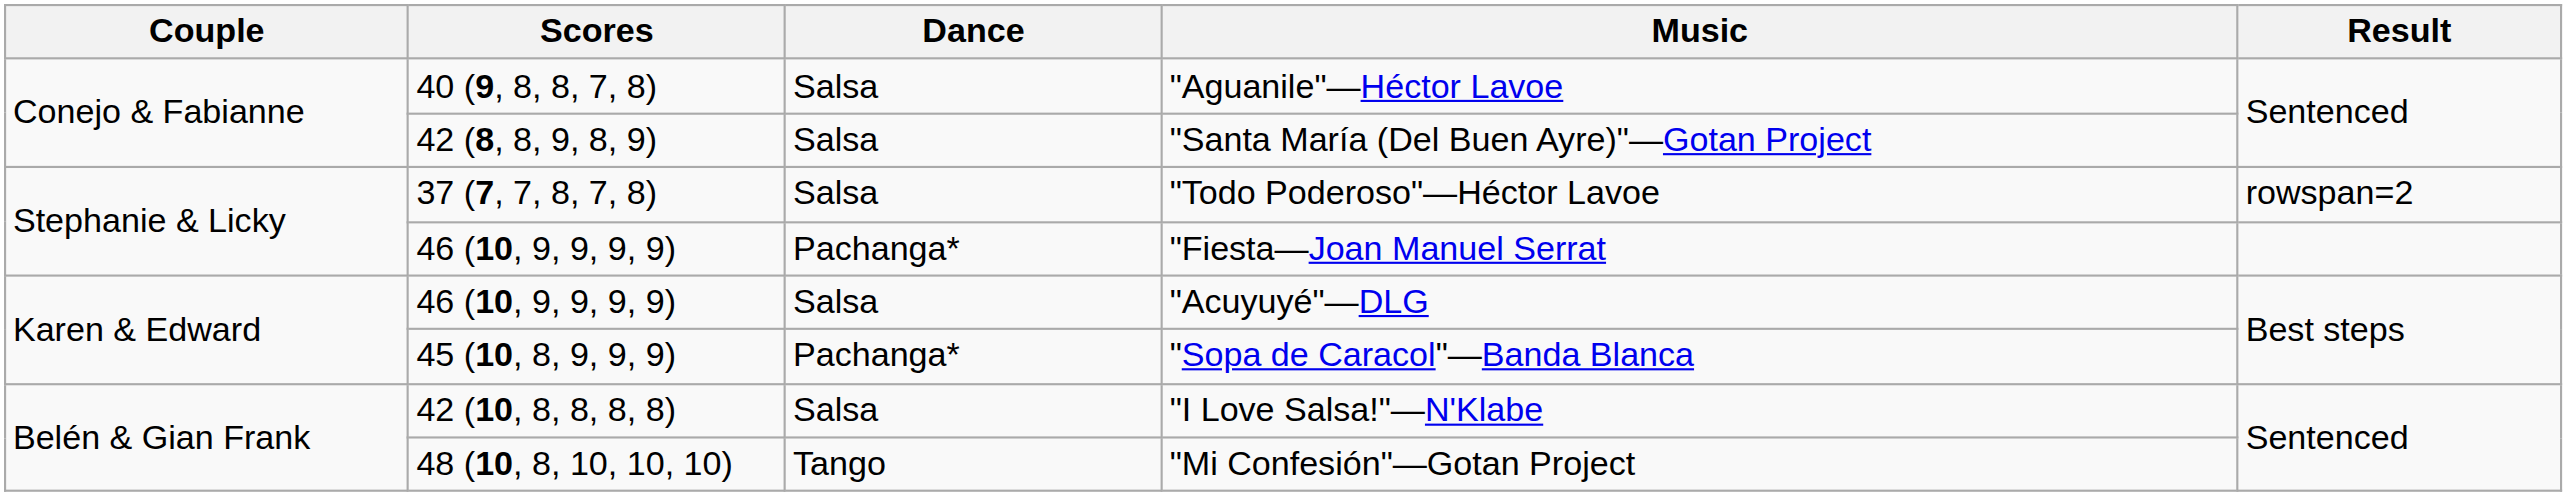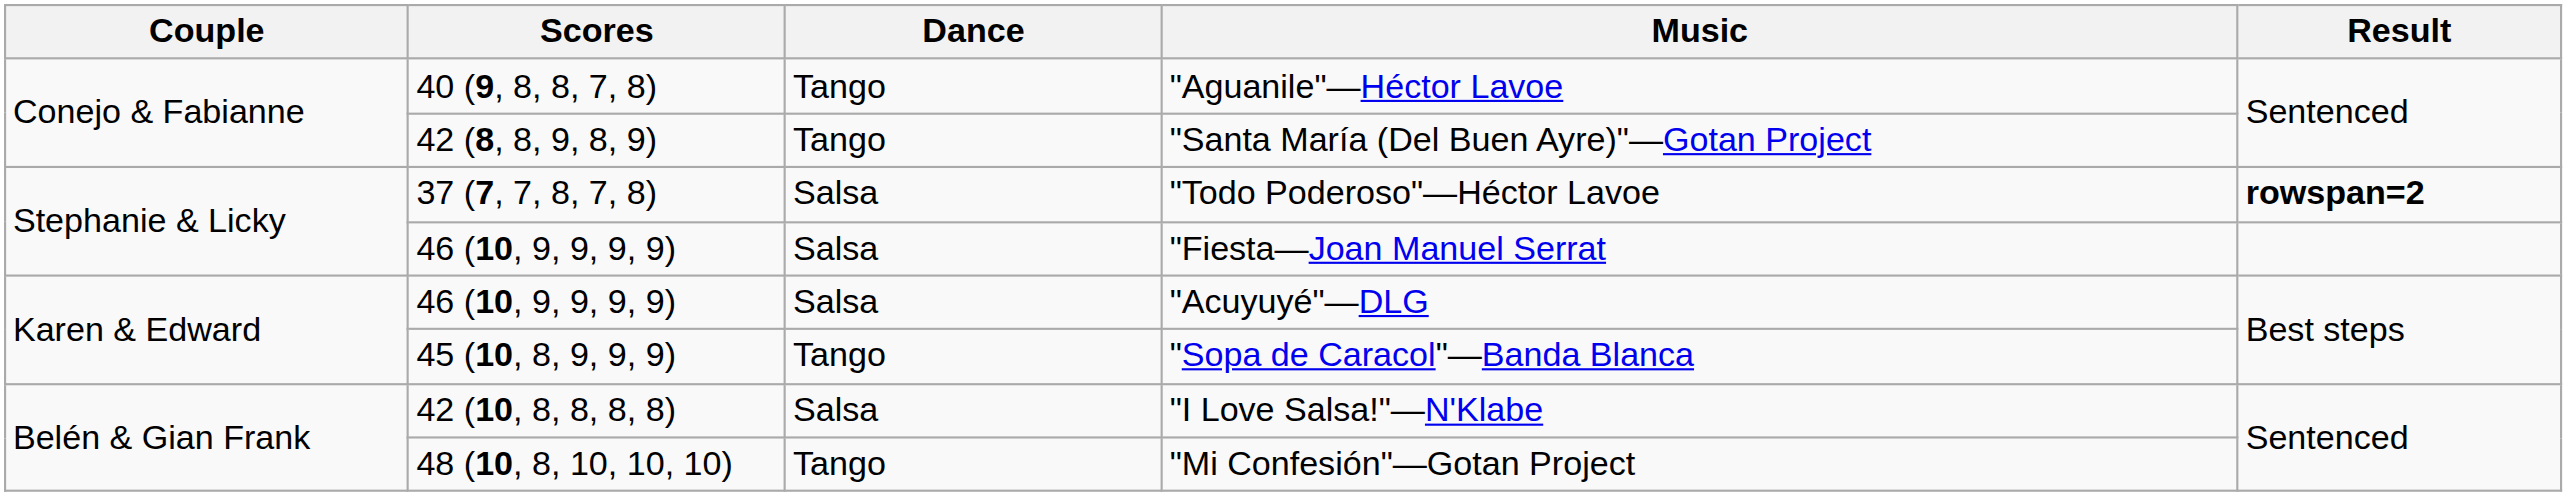 <table class="wikitable sortable" style="width:95%; white-space:nowrap;">
 <tr>
 <th style="width:15%;">Couple</th>
 <th style="width:14%;">Scores</th>
 <th style="width:14%;">Dance</th>
 <th style="width:40%;">Music</th>
 <th style="width:12%;">Result</th>
 </tr>
 <tr>
 <td rowspan=2>Conejo & Fabianne</td>
 <td>40 (<strong>9</strong>, 8, 8, 7, 8)</td>
-<td>Salsa</td>
+<td>Tango</td>
 <td>"Aguanile"—<a href='#'>Héctor Lavoe</a></td>
 <td rowspan=2>Sentenced</td>
 </tr>
 <tr>
 <td>42 (<strong>8</strong>, 8, 9, 8, 9)</td>
-<td>Salsa</td>
+<td>Tango</td>
 <td>"Santa María (Del Buen Ayre)"—<a href='#'>Gotan Project</a></td>
 </tr>
 <tr>
 <td rowspan=2>Stephanie & Licky</td>
 <td>37 (<strong>7</strong>, 7, 8, 7, 8)</td>
 <td>Salsa</td>
 <td>"Todo Poderoso"—Héctor Lavoe</td>
-<td>rowspan=2 </td>
+<td><strong>rowspan=2 </strong></td>
 </tr>
 <tr>
 <td>46 (<strong>10</strong>, 9, 9, 9, 9)</td>
-<td>Pachanga*</td>
+<td>Salsa</td>
 <td>"Fiesta—<a href='#'>Joan Manuel Serrat</a></td>
 </tr>
 <tr>
 <td rowspan=2>Karen & Edward</td>
 <td>46 (<strong>10</strong>, 9, 9, 9, 9)</td>
 <td>Salsa</td>
 <td>"Acuyuyé"—<a href='#'>DLG</a></td>
 <td rowspan=2>Best steps</td>
 </tr>
 <tr>
 <td>45 (<strong>10</strong>, 8, 9, 9, 9)</td>
-<td>Pachanga*</td>
+<td>Tango</td>
 <td>"<a href='#'>Sopa de Caracol</a>"—<a href='#'>Banda Blanca</a></td>
 </tr>
 <tr>
 <td rowspan=2>Belén & Gian Frank</td>
 <td>42 (<strong>10</strong>, 8, 8, 8, 8)</td>
 <td>Salsa</td>
 <td>"I Love Salsa!"—<a href='#'>N'Klabe</a></td>
 <td rowspan=2>Sentenced</td>
 </tr>
 <tr>
 <td>48 (<strong>10</strong>, 8, 10, 10, 10)</td>
 <td>Tango</td>
 <td>"Mi Confesión"—Gotan Project</td>
 </tr>
 </table>
